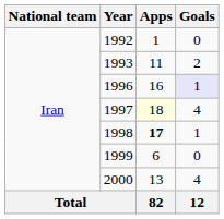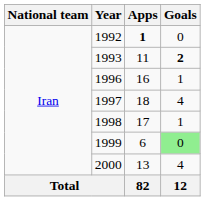 <table class="wikitable" style="text-align:center">
 <tr>
 <th>National team</th>
 <th>Year</th>
 <th>Apps</th>
 <th>Goals</th>
 </tr>
 <tr>
 <td rowspan="7"><a href='#'>Iran</a></td>
 <td>1992</td>
-<td>1</td>
+<td><strong>1</strong></td>
 <td>0</td>
 </tr>
 <tr>
 <td>1993</td>
 <td>11</td>
-<td>2</td>
+<td><strong>2</strong></td>
 </tr>
 <tr>
 <td>1996</td>
 <td>16</td>
-<td style="background: lavender;">1</td>
+<td>1</td>
 </tr>
 <tr>
 <td>1997</td>
-<td style="background: lightyellow;">18</td>
+<td>18</td>
 <td>4</td>
 </tr>
 <tr>
 <td>1998</td>
-<td><strong>17</strong></td>
+<td>17</td>
 <td>1</td>
 </tr>
 <tr>
 <td>1999</td>
 <td>6</td>
-<td>0</td>
+<td style="background: lightgreen;">0</td>
 </tr>
 <tr>
 <td>2000</td>
 <td>13</td>
 <td>4</td>
 </tr>
 <tr>
 <th colspan="2">Total</th>
 <th>82</th>
 <th>12</th>
 </tr>
 </table>
